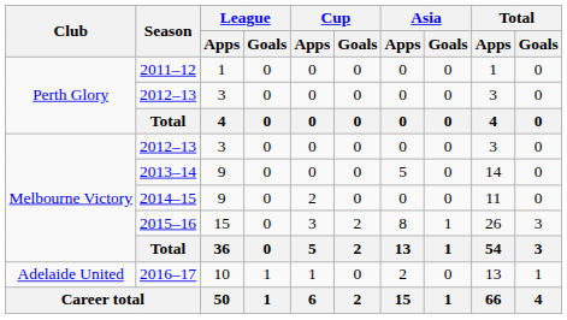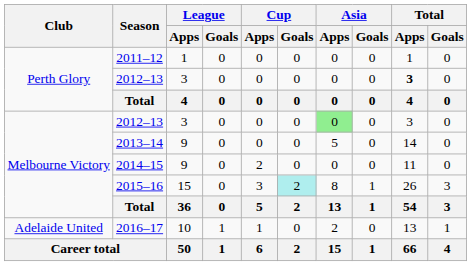 <table class="wikitable" style="text-align: center;">
 <tr>
 <th rowspan="2">Club</th>
 <th rowspan="2">Season</th>
 <th colspan="2"><a href='#'>League</a></th>
 <th colspan="2"><a href='#'>Cup</a></th>
 <th colspan="2"><a href='#'>Asia</a></th>
 <th colspan="2">Total</th>
 </tr>
 <tr>
 <th>Apps</th>
 <th>Goals</th>
 <th>Apps</th>
 <th>Goals</th>
 <th>Apps</th>
 <th>Goals</th>
 <th>Apps</th>
 <th>Goals</th>
 </tr>
 <tr>
 <td rowspan="3"><a href='#'>Perth Glory</a></td>
 <td><a href='#'>2011–12</a></td>
 <td>1</td>
 <td>0</td>
 <td>0</td>
 <td>0</td>
 <td>0</td>
 <td>0</td>
 <td>1</td>
 <td>0</td>
 </tr>
 <tr>
 <td><a href='#'>2012–13</a></td>
 <td>3</td>
 <td>0</td>
 <td>0</td>
 <td>0</td>
 <td>0</td>
 <td>0</td>
-<td>3</td>
+<td><strong>3</strong></td>
 <td>0</td>
 </tr>
 <tr>
 <th>Total</th>
 <th>4</th>
 <th>0</th>
 <th>0</th>
 <th>0</th>
 <th>0</th>
 <th>0</th>
 <th>4</th>
 <th>0</th>
 </tr>
 <tr>
 <td rowspan="5"><a href='#'>Melbourne Victory</a></td>
 <td><a href='#'>2012–13</a></td>
 <td>3</td>
 <td>0</td>
 <td>0</td>
 <td>0</td>
-<td>0</td>
+<td style="background: lightgreen;">0</td>
 <td>0</td>
 <td>3</td>
 <td>0</td>
 </tr>
 <tr>
 <td><a href='#'>2013–14</a></td>
 <td>9</td>
 <td>0</td>
 <td>0</td>
 <td>0</td>
 <td>5</td>
 <td>0</td>
 <td>14</td>
 <td>0</td>
 </tr>
 <tr>
 <td><a href='#'>2014–15</a></td>
 <td>9</td>
 <td>0</td>
 <td>2</td>
 <td>0</td>
 <td>0</td>
 <td>0</td>
 <td>11</td>
 <td>0</td>
 </tr>
 <tr>
 <td><a href='#'>2015–16</a></td>
 <td>15</td>
 <td>0</td>
 <td>3</td>
-<td>2</td>
+<td style="background: paleturquoise;">2</td>
 <td>8</td>
 <td>1</td>
 <td>26</td>
 <td>3</td>
 </tr>
 <tr>
 <th>Total</th>
 <th>36</th>
 <th>0</th>
 <th>5</th>
 <th>2</th>
 <th>13</th>
 <th>1</th>
 <th>54</th>
 <th>3</th>
 </tr>
 <tr>
 <td><a href='#'>Adelaide United</a></td>
 <td><a href='#'>2016–17</a></td>
 <td>10</td>
 <td>1</td>
 <td>1</td>
 <td>0</td>
 <td>2</td>
 <td>0</td>
 <td>13</td>
 <td>1</td>
 </tr>
 <tr>
 <th colspan="2">Career total</th>
 <th>50</th>
 <th>1</th>
 <th>6</th>
 <th>2</th>
 <th>15</th>
 <th>1</th>
 <th>66</th>
 <th>4</th>
 </tr>
 </table>
